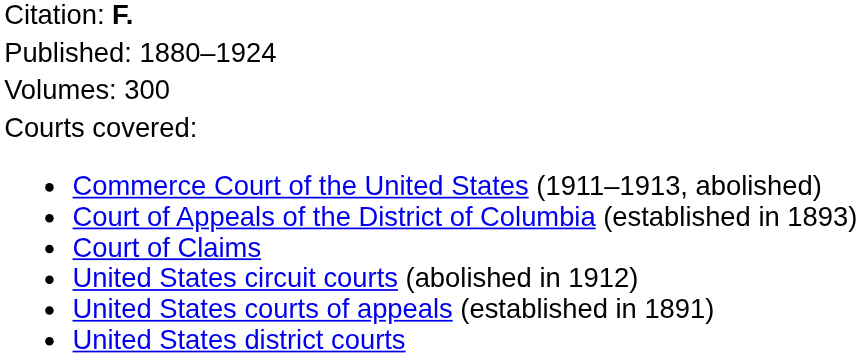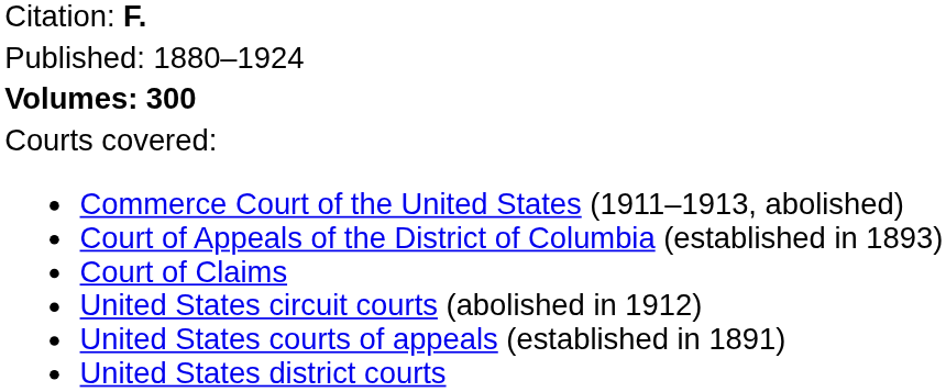 <table border=0>
 <tr>
 <td>Citation: <strong>F.</strong></td>
 </tr>
 <tr>
 <td>Published: 1880–1924</td>
 </tr>
 <tr>
-<td>Volumes: 300</td>
+<td><strong>Volumes: 300</strong></td>
 </tr>
 <tr>
 <td>Courts covered:<br><ul><li><a href='#'>Commerce Court of the United States</a> (1911–1913, abolished)</li><li><a href='#'>Court of Appeals of the District of Columbia</a> (established in 1893)</li><li><a href='#'>Court of Claims</a></li><li><a href='#'>United States circuit courts</a> (abolished in 1912)</li><li><a href='#'>United States courts of appeals</a> (established in 1891)</li><li><a href='#'>United States district courts</a></li></ul></td>
 </tr>
 </table>
